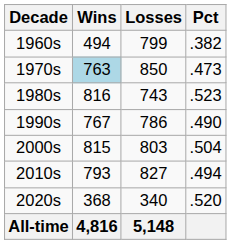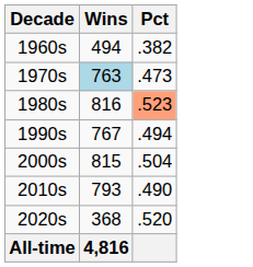 <table class="wikitable" style="text-align:center">
 <tr>
 <th style="text-align:center; ">Decade</th>
 <th style="text-align:center; ">Wins</th>
-<th style="text-align:center; ">Losses</th>
 <th style="text-align:center; ">Pct</th>
 </tr>
 <tr>
 <td>1960s</td>
 <td>494</td>
-<td>799</td>
 <td>.382</td>
 </tr>
 <tr>
 <td>1970s</td>
 <td style="background: lightblue;">763</td>
-<td>850</td>
 <td>.473</td>
 </tr>
 <tr>
 <td>1980s</td>
 <td>816</td>
-<td>743</td>
-<td>.523</td>
+<td style="background: lightsalmon;">.523</td>
 </tr>
 <tr>
 <td>1990s</td>
 <td>767</td>
-<td>786</td>
-<td>.490</td>
+<td>.494</td>
 </tr>
 <tr>
 <td>2000s</td>
 <td>815</td>
-<td>803</td>
 <td>.504</td>
 </tr>
 <tr>
 <td>2010s</td>
 <td>793</td>
-<td>827</td>
-<td>.494</td>
+<td>.490</td>
 </tr>
 <tr>
 <td>2020s</td>
 <td>368</td>
-<td>340</td>
 <td>.520</td>
 </tr>
 <tr style="background:#f0f0f0; font-weight:bold">
 <th style="text-align:center; ">All-time</th>
 <th style="text-align:center; ">4,816</th>
-<th style="text-align:center; ">5,148</th>
 <th style="text-align:center; "></th>
 </tr>
 </table>
